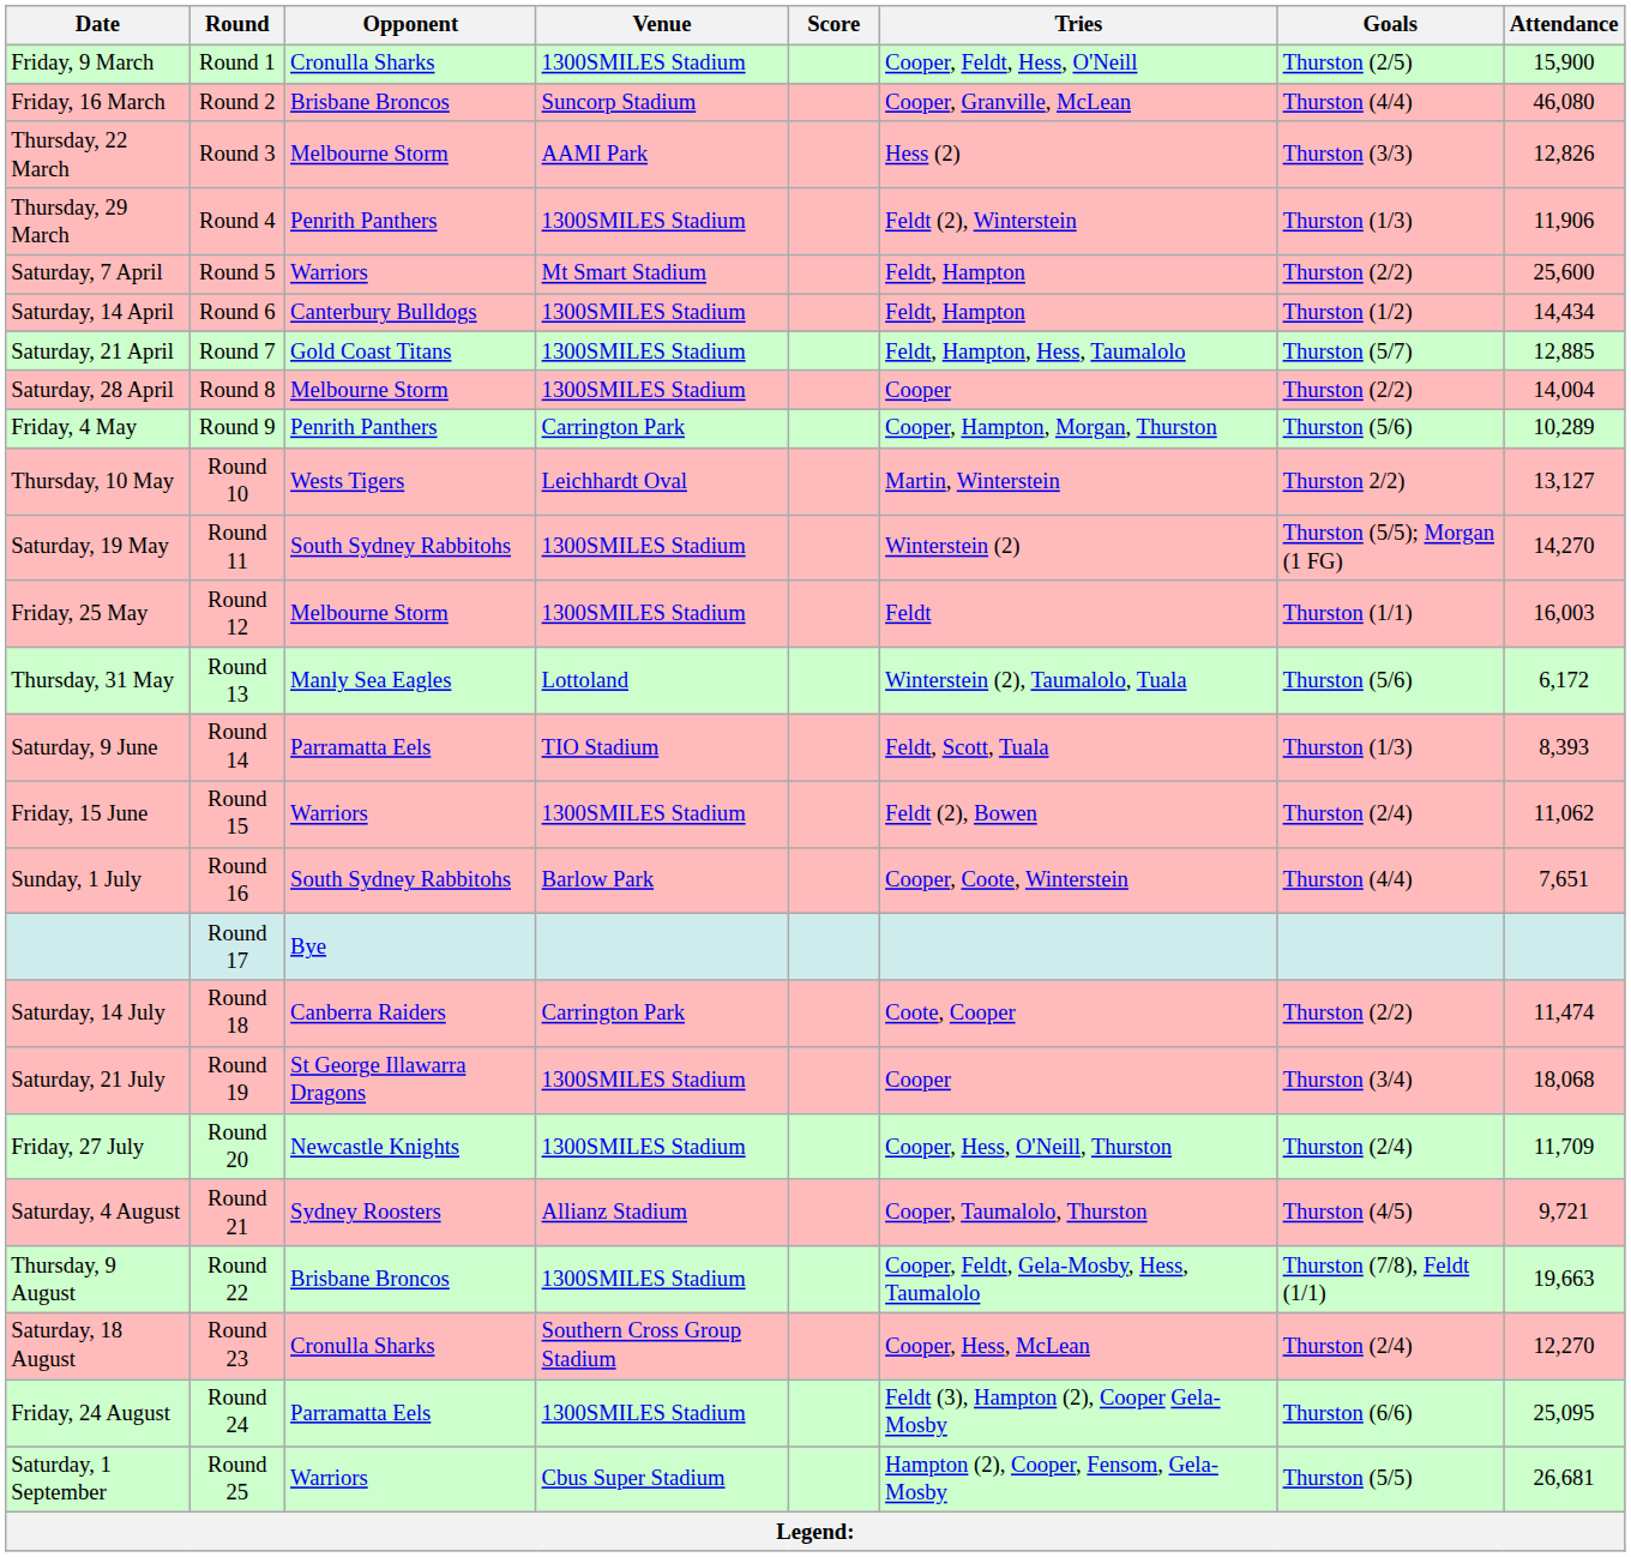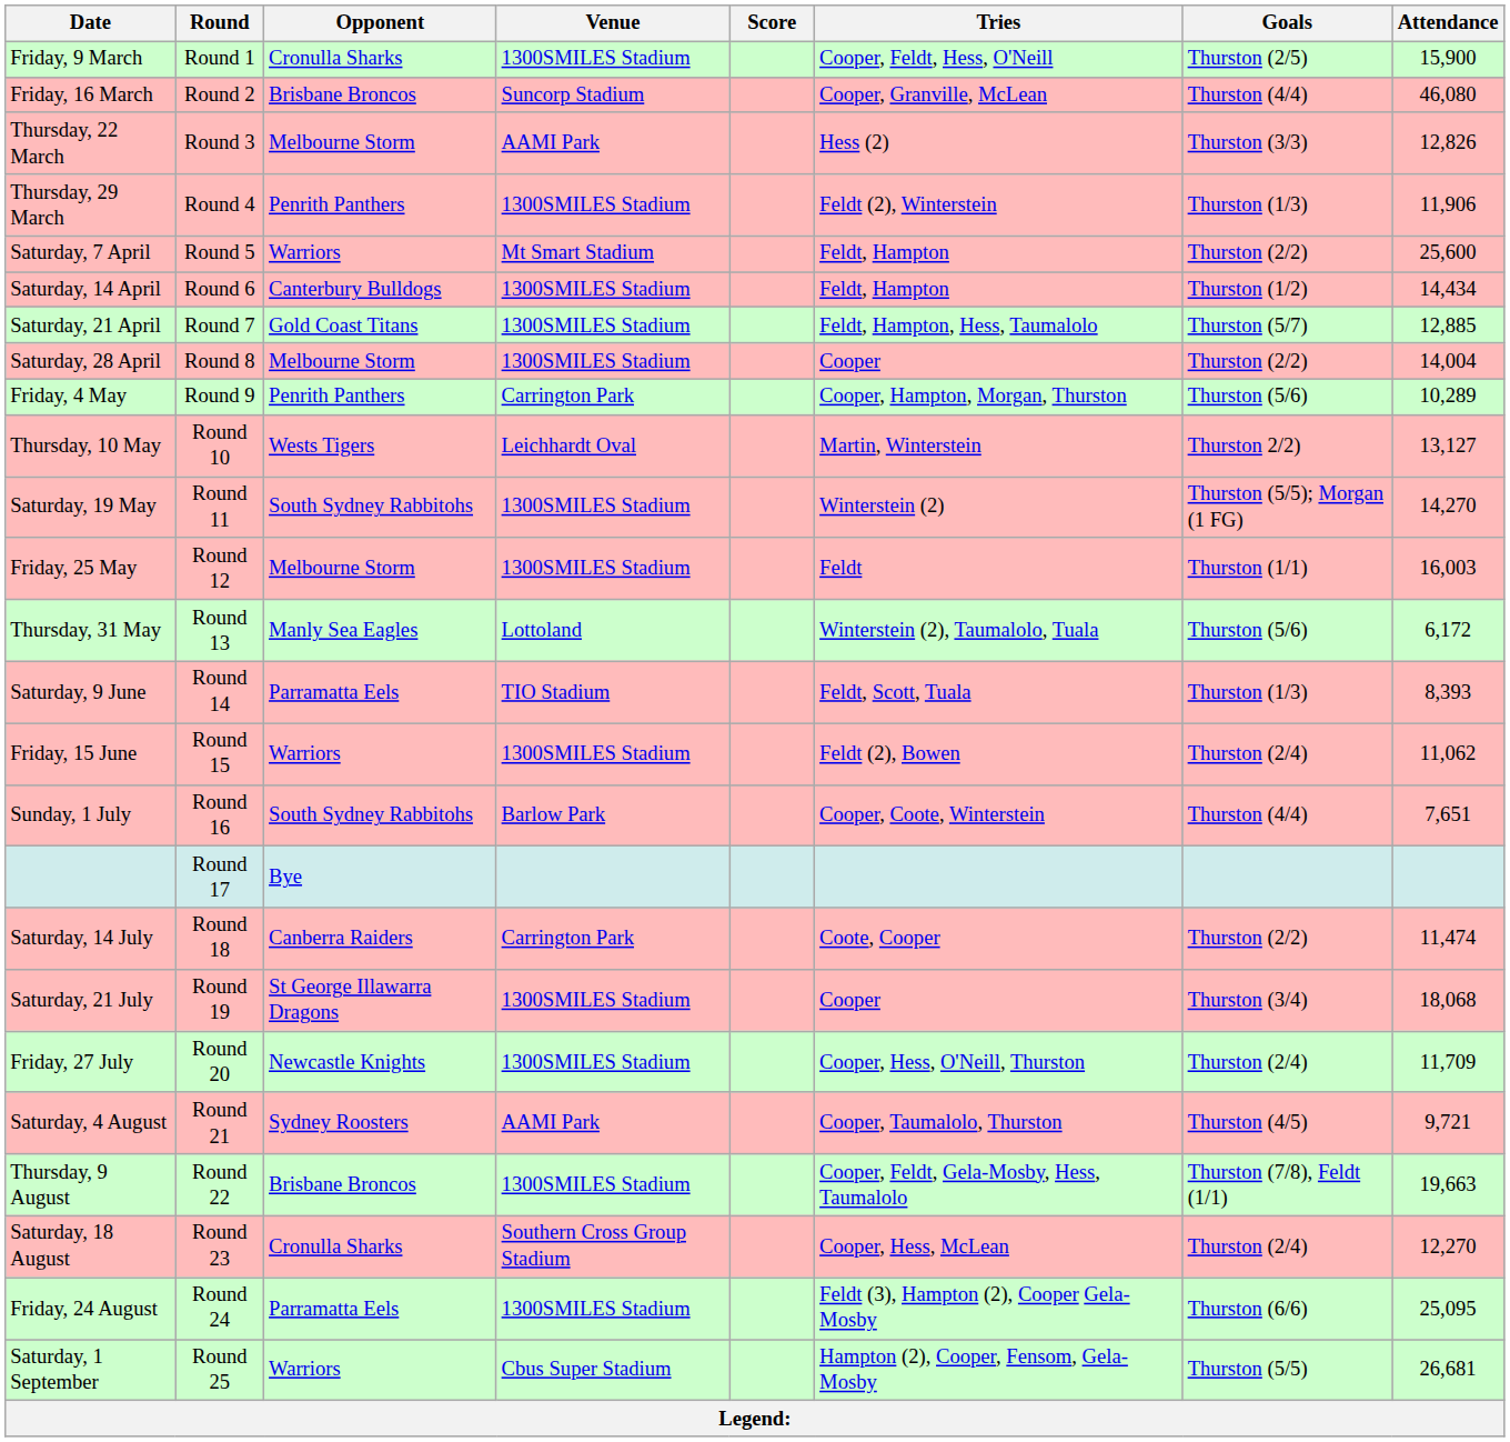 <table class="wikitable" style="font-size:75%;">
 <tr>
 <th style="width:110px;">Date</th>
 <th style="width:50px;">Round</th>
 <th style="width:160px;">Opponent</th>
 <th style="width:155px;">Venue</th>
 <th style="width:50px;">Score</th>
 <th style="width:270px;">Tries</th>
 <th style="width:145px;">Goals</th>
 <th style="width:60px;">Attendance</th>
 </tr>
 <tr style="background:#ccffcc;">
 <td>Friday, 9 March</td>
 <td style="text-align:center;">Round 1</td>
 <td> <a href='#'>Cronulla Sharks</a></td>
 <td><a href='#'>1300SMILES Stadium</a></td>
 <td style="text-align:center;"></td>
 <td><a href='#'>Cooper</a>, <a href='#'>Feldt</a>, <a href='#'>Hess</a>, <a href='#'>O'Neill</a></td>
 <td><a href='#'>Thurston</a> (2/5)</td>
 <td style="text-align:center;">15,900</td>
 </tr>
 <tr style="background:#FFBBBB">
 <td>Friday, 16 March</td>
 <td style="text-align:center;">Round 2</td>
 <td> <a href='#'>Brisbane Broncos</a></td>
 <td><a href='#'>Suncorp Stadium</a></td>
 <td style="text-align:center;"></td>
 <td><a href='#'>Cooper</a>, <a href='#'>Granville</a>, <a href='#'>McLean</a></td>
 <td><a href='#'>Thurston</a> (4/4)</td>
 <td style="text-align:center;">46,080</td>
 </tr>
 <tr style="background:#FFBBBB">
 <td>Thursday, 22 March</td>
 <td style="text-align:center;">Round 3</td>
 <td> <a href='#'>Melbourne Storm</a></td>
 <td><a href='#'>AAMI Park</a></td>
 <td style="text-align:center;"></td>
 <td><a href='#'>Hess</a> (2)</td>
 <td><a href='#'>Thurston</a> (3/3)</td>
 <td style="text-align:center;">12,826</td>
 </tr>
 <tr style="background:#FFBBBB">
 <td>Thursday, 29 March</td>
 <td style="text-align:center;">Round 4</td>
 <td> <a href='#'>Penrith Panthers</a></td>
 <td><a href='#'>1300SMILES Stadium</a></td>
 <td style="text-align:center;"></td>
 <td><a href='#'>Feldt</a> (2), <a href='#'>Winterstein</a></td>
 <td><a href='#'>Thurston</a> (1/3)</td>
 <td style="text-align:center;">11,906</td>
 </tr>
 <tr style="background:#FFBBBB">
 <td>Saturday, 7 April</td>
 <td style="text-align:center;">Round 5</td>
 <td> <a href='#'>Warriors</a></td>
 <td><a href='#'>Mt Smart Stadium</a></td>
 <td style="text-align:center;"></td>
 <td><a href='#'>Feldt</a>, <a href='#'>Hampton</a></td>
 <td><a href='#'>Thurston</a> (2/2)</td>
 <td style="text-align:center;">25,600</td>
 </tr>
 <tr style="background:#FFBBBB">
 <td>Saturday, 14 April</td>
 <td style="text-align:center;">Round 6</td>
 <td> <a href='#'>Canterbury Bulldogs</a></td>
 <td><a href='#'>1300SMILES Stadium</a></td>
 <td style="text-align:center;"></td>
 <td><a href='#'>Feldt</a>, <a href='#'>Hampton</a></td>
 <td><a href='#'>Thurston</a> (1/2)</td>
 <td style="text-align:center;">14,434</td>
 </tr>
 <tr style="background:#ccffcc;">
 <td>Saturday, 21 April</td>
 <td style="text-align:center;">Round 7</td>
 <td> <a href='#'>Gold Coast Titans</a></td>
 <td><a href='#'>1300SMILES Stadium</a></td>
 <td style="text-align:center;"></td>
 <td><a href='#'>Feldt</a>, <a href='#'>Hampton</a>, <a href='#'>Hess</a>, <a href='#'>Taumalolo</a></td>
 <td><a href='#'>Thurston</a> (5/7)</td>
 <td style="text-align:center;">12,885</td>
 </tr>
 <tr style="background:#FFBBBB">
 <td>Saturday, 28 April</td>
 <td style="text-align:center;">Round 8</td>
 <td> <a href='#'>Melbourne Storm</a></td>
 <td><a href='#'>1300SMILES Stadium</a></td>
 <td style="text-align:center;"></td>
 <td><a href='#'>Cooper</a></td>
 <td><a href='#'>Thurston</a> (2/2)</td>
 <td style="text-align:center;">14,004</td>
 </tr>
 <tr style="background:#ccffcc;">
 <td>Friday, 4 May</td>
 <td style="text-align:center;">Round 9</td>
 <td> <a href='#'>Penrith Panthers</a></td>
 <td><a href='#'>Carrington Park</a></td>
 <td style="text-align:center;"></td>
 <td><a href='#'>Cooper</a>, <a href='#'>Hampton</a>, <a href='#'>Morgan</a>, <a href='#'>Thurston</a></td>
 <td><a href='#'>Thurston</a> (5/6)</td>
 <td style="text-align:center;">10,289</td>
 </tr>
 <tr style="background:#FFBBBB">
 <td>Thursday, 10 May</td>
 <td style="text-align:center;">Round 10</td>
 <td> <a href='#'>Wests Tigers</a></td>
 <td><a href='#'>Leichhardt Oval</a></td>
 <td style="text-align:center;"></td>
 <td><a href='#'>Martin</a>, <a href='#'>Winterstein</a></td>
 <td><a href='#'>Thurston</a> 2/2)</td>
 <td style="text-align:center;">13,127</td>
 </tr>
 <tr style="background:#FFBBBB">
 <td>Saturday, 19 May</td>
 <td style="text-align:center;">Round 11</td>
 <td> <a href='#'>South Sydney Rabbitohs</a></td>
 <td><a href='#'>1300SMILES Stadium</a></td>
 <td style="text-align:center;"></td>
 <td><a href='#'>Winterstein</a> (2)</td>
 <td><a href='#'>Thurston</a> (5/5); <a href='#'>Morgan</a> (1 FG)</td>
 <td style="text-align:center;">14,270</td>
 </tr>
 <tr style="background:#FFBBBB">
 <td>Friday, 25 May</td>
 <td style="text-align:center;">Round 12</td>
 <td> <a href='#'>Melbourne Storm</a></td>
 <td><a href='#'>1300SMILES Stadium</a></td>
 <td style="text-align:center;"></td>
 <td><a href='#'>Feldt</a></td>
 <td><a href='#'>Thurston</a> (1/1)</td>
 <td style="text-align:center;">16,003</td>
 </tr>
 <tr style="background:#ccffcc;">
 <td>Thursday, 31 May</td>
 <td style="text-align:center;">Round 13</td>
 <td> <a href='#'>Manly Sea Eagles</a></td>
 <td><a href='#'>Lottoland</a></td>
 <td style="text-align:center;"></td>
 <td><a href='#'>Winterstein</a> (2), <a href='#'>Taumalolo</a>, <a href='#'>Tuala</a></td>
 <td><a href='#'>Thurston</a> (5/6)</td>
 <td style="text-align:center;">6,172</td>
 </tr>
 <tr style="background:#FFBBBB">
 <td>Saturday, 9 June</td>
 <td style="text-align:center;">Round 14</td>
 <td> <a href='#'>Parramatta Eels</a></td>
 <td><a href='#'>TIO Stadium</a></td>
 <td style="text-align:center;"></td>
 <td><a href='#'>Feldt</a>, <a href='#'>Scott</a>, <a href='#'>Tuala</a></td>
 <td><a href='#'>Thurston</a> (1/3)</td>
 <td style="text-align:center;">8,393</td>
 </tr>
 <tr style="background:#FFBBBB">
 <td>Friday, 15 June</td>
 <td style="text-align:center;">Round 15</td>
 <td> <a href='#'>Warriors</a></td>
 <td><a href='#'>1300SMILES Stadium</a></td>
 <td style="text-align:center;"></td>
 <td><a href='#'>Feldt</a> (2), <a href='#'>Bowen</a></td>
 <td><a href='#'>Thurston</a> (2/4)</td>
 <td style="text-align:center;">11,062</td>
 </tr>
 <tr style="background:#FFBBBB">
 <td>Sunday, 1 July</td>
 <td style="text-align:center;">Round 16</td>
 <td> <a href='#'>South Sydney Rabbitohs</a></td>
 <td><a href='#'>Barlow Park</a></td>
 <td style="text-align:center;"></td>
 <td><a href='#'>Cooper</a>, <a href='#'>Coote</a>, <a href='#'>Winterstein</a></td>
 <td><a href='#'>Thurston</a> (4/4)</td>
 <td style="text-align:center;">7,651</td>
 </tr>
 <tr style="background:#cfecec;">
 <td></td>
 <td style="text-align:center;">Round 17</td>
 <td><a href='#'>Bye</a></td>
 <td></td>
 <td></td>
 <td></td>
 <td></td>
 <td></td>
 </tr>
 <tr style="background:#FFBBBB">
 <td>Saturday, 14 July</td>
 <td style="text-align:center;">Round 18</td>
 <td> <a href='#'>Canberra Raiders</a></td>
 <td><a href='#'>Carrington Park</a></td>
 <td style="text-align:center;"></td>
 <td><a href='#'>Coote</a>, <a href='#'>Cooper</a></td>
 <td><a href='#'>Thurston</a> (2/2)</td>
 <td style="text-align:center;">11,474</td>
 </tr>
 <tr style="background:#FFBBBB">
 <td>Saturday, 21 July</td>
 <td style="text-align:center;">Round 19</td>
 <td> <a href='#'>St George Illawarra Dragons</a></td>
 <td><a href='#'>1300SMILES Stadium</a></td>
 <td style="text-align:center;"></td>
 <td><a href='#'>Cooper</a></td>
 <td><a href='#'>Thurston</a> (3/4)</td>
 <td style="text-align:center;">18,068</td>
 </tr>
 <tr style="background:#ccffcc;">
 <td>Friday, 27 July</td>
 <td style="text-align:center;">Round 20</td>
 <td> <a href='#'>Newcastle Knights</a></td>
 <td><a href='#'>1300SMILES Stadium</a></td>
 <td style="text-align:center;"></td>
 <td><a href='#'>Cooper</a>, <a href='#'>Hess</a>, <a href='#'>O'Neill</a>, <a href='#'>Thurston</a></td>
 <td><a href='#'>Thurston</a> (2/4)</td>
 <td style="text-align:center;">11,709</td>
 </tr>
 <tr style="background:#FFBBBB">
 <td>Saturday, 4 August</td>
 <td style="text-align:center;">Round 21</td>
 <td> <a href='#'>Sydney Roosters</a></td>
-<td><a href='#'>Allianz Stadium</a></td>
+<td><a href='#'>AAMI Park</a></td>
 <td style="text-align:center;"></td>
 <td><a href='#'>Cooper</a>, <a href='#'>Taumalolo</a>, <a href='#'>Thurston</a></td>
 <td><a href='#'>Thurston</a> (4/5)</td>
 <td style="text-align:center;">9,721</td>
 </tr>
 <tr style="background:#ccffcc;">
 <td>Thursday, 9 August</td>
 <td style="text-align:center;">Round 22</td>
 <td> <a href='#'>Brisbane Broncos</a></td>
 <td><a href='#'>1300SMILES Stadium</a></td>
 <td style="text-align:center;"></td>
 <td><a href='#'>Cooper</a>, <a href='#'>Feldt</a>, <a href='#'>Gela-Mosby</a>, <a href='#'>Hess</a>, <a href='#'>Taumalolo</a></td>
 <td><a href='#'>Thurston</a> (7/8), <a href='#'>Feldt</a> (1/1)</td>
 <td style="text-align:center;">19,663</td>
 </tr>
 <tr style="background:#FFBBBB">
 <td>Saturday, 18 August</td>
 <td style="text-align:center;">Round 23</td>
 <td> <a href='#'>Cronulla Sharks</a></td>
 <td><a href='#'>Southern Cross Group Stadium</a></td>
 <td style="text-align:center;"></td>
 <td><a href='#'>Cooper</a>, <a href='#'>Hess</a>, <a href='#'>McLean</a></td>
 <td><a href='#'>Thurston</a> (2/4)</td>
 <td style="text-align:center;">12,270</td>
 </tr>
 <tr style="background:#ccffcc;">
 <td>Friday, 24 August</td>
 <td style="text-align:center;">Round 24</td>
 <td> <a href='#'>Parramatta Eels</a></td>
 <td><a href='#'>1300SMILES Stadium</a></td>
 <td style="text-align:center;"></td>
 <td><a href='#'>Feldt</a> (3), <a href='#'>Hampton</a> (2), <a href='#'>Cooper</a> <a href='#'>Gela-Mosby</a></td>
 <td><a href='#'>Thurston</a> (6/6)</td>
 <td style="text-align:center;">25,095</td>
 </tr>
 <tr style="background:#ccffcc;">
 <td>Saturday, 1 September</td>
 <td style="text-align:center;">Round 25</td>
 <td> <a href='#'>Warriors</a></td>
 <td><a href='#'>Cbus Super Stadium</a></td>
 <td style="text-align:center;"></td>
 <td><a href='#'>Hampton</a> (2), <a href='#'>Cooper</a>, <a href='#'>Fensom</a>, <a href='#'>Gela-Mosby</a></td>
 <td><a href='#'>Thurston</a> (5/5)</td>
 <td style="text-align:center;">26,681</td>
 </tr>
 <tr>
 <th colspan="11"><strong>Legend</strong>:    </th>
 </tr>
 </table>
